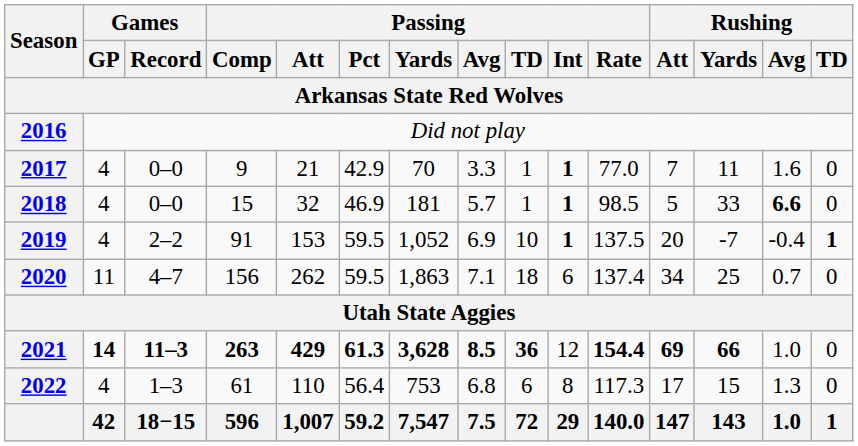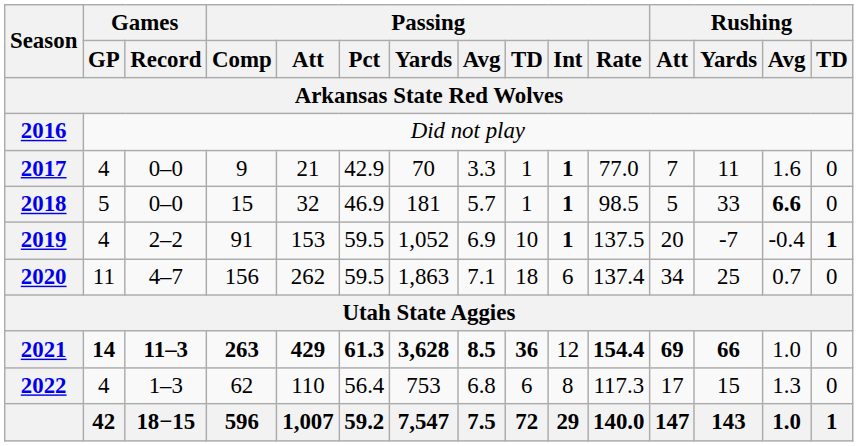 <table class="wikitable" style="text-align:center;">
 <tr>
 <th rowspan="2">Season</th>
 <th colspan="2">Games</th>
 <th colspan="8">Passing</th>
 <th colspan="4">Rushing</th>
 </tr>
 <tr>
 <th>GP</th>
 <th>Record</th>
 <th>Comp</th>
 <th>Att</th>
 <th>Pct</th>
 <th>Yards</th>
 <th>Avg</th>
 <th>TD</th>
 <th>Int</th>
 <th>Rate</th>
 <th>Att</th>
 <th>Yards</th>
 <th>Avg</th>
 <th>TD</th>
 </tr>
 <tr>
 <th colspan="16">Arkansas State Red Wolves</th>
 </tr>
 <tr>
 <th><a href='#'>2016</a></th>
 <td colspan="15"><em>Did not play</em></td>
 </tr>
 <tr>
 <th><a href='#'>2017</a></th>
 <td>4</td>
 <td>0–0</td>
 <td>9</td>
 <td>21</td>
 <td>42.9</td>
 <td>70</td>
 <td>3.3</td>
 <td>1</td>
 <td><strong>1</strong></td>
 <td>77.0</td>
 <td>7</td>
 <td>11</td>
 <td>1.6</td>
 <td>0</td>
 </tr>
 <tr>
 <th><a href='#'>2018</a></th>
-<td>4</td>
+<td>5</td>
 <td>0–0</td>
 <td>15</td>
 <td>32</td>
 <td>46.9</td>
 <td>181</td>
 <td>5.7</td>
 <td>1</td>
 <td><strong>1</strong></td>
 <td>98.5</td>
 <td>5</td>
 <td>33</td>
 <td><strong>6.6</strong></td>
 <td>0</td>
 </tr>
 <tr>
 <th><a href='#'>2019</a></th>
 <td>4</td>
 <td>2–2</td>
 <td>91</td>
 <td>153</td>
 <td>59.5</td>
 <td>1,052</td>
 <td>6.9</td>
 <td>10</td>
 <td><strong>1</strong></td>
 <td>137.5</td>
 <td>20</td>
 <td>-7</td>
 <td>-0.4</td>
 <td><strong>1</strong></td>
 </tr>
 <tr>
 <th><a href='#'>2020</a></th>
 <td>11</td>
 <td>4–7</td>
 <td>156</td>
 <td>262</td>
 <td>59.5</td>
 <td>1,863</td>
 <td>7.1</td>
 <td>18</td>
 <td>6</td>
 <td>137.4</td>
 <td>34</td>
 <td>25</td>
 <td>0.7</td>
 <td>0</td>
 </tr>
 <tr>
 <th colspan="16">Utah State Aggies</th>
 </tr>
 <tr>
 <th><a href='#'>2021</a></th>
 <td><strong>14</strong></td>
 <td><strong>11–3</strong></td>
 <td><strong>263</strong></td>
 <td><strong>429</strong></td>
 <td><strong>61.3</strong></td>
 <td><strong>3,628</strong></td>
 <td><strong>8.5</strong></td>
 <td><strong>36</strong></td>
 <td>12</td>
 <td><strong>154.4</strong></td>
 <td><strong>69</strong></td>
 <td><strong>66</strong></td>
 <td>1.0</td>
 <td>0</td>
 </tr>
 <tr>
 <th><a href='#'>2022</a></th>
 <td>4</td>
 <td>1–3</td>
-<td>61</td>
+<td>62</td>
 <td>110</td>
 <td>56.4</td>
 <td>753</td>
 <td>6.8</td>
 <td>6</td>
 <td>8</td>
 <td>117.3</td>
 <td>17</td>
 <td>15</td>
 <td>1.3</td>
 <td>0</td>
 </tr>
 <tr>
 <th></th>
 <th>42</th>
 <th>18−15</th>
 <th>596</th>
 <th>1,007</th>
 <th>59.2</th>
 <th>7,547</th>
 <th>7.5</th>
 <th>72</th>
 <th>29</th>
 <th>140.0</th>
 <th>147</th>
 <th>143</th>
 <th>1.0</th>
 <th>1</th>
 </tr>
 </table>
